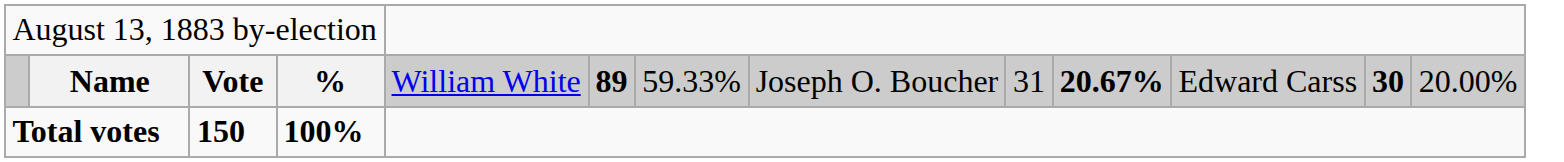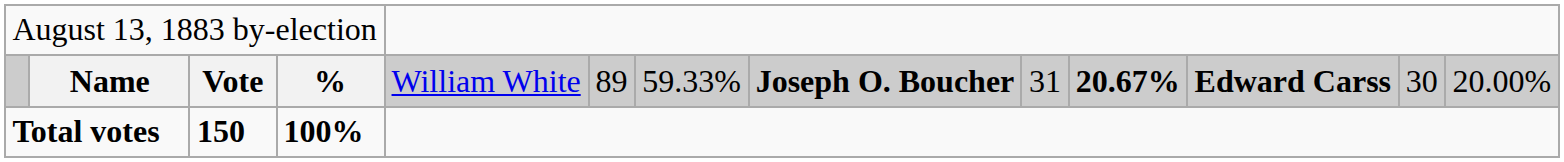 <table class="wikitable">
 <tr>
 <td colspan=4 align=center>August 13, 1883 by-election</td>
 </tr>
 <tr bgcolor="CCCCCC">
 <td></td>
 <th>Name</th>
 <th>Vote</th>
 <th>%<br></th>
 <td><a href='#'>William White</a></td>
-<td><strong>89</strong></td>
+<td>89</td>
 <td>59.33%<br></td>
-<td>Joseph O. Boucher</td>
+<td><strong>Joseph O. Boucher</strong></td>
 <td>31</td>
 <td><strong>20.67%<br></strong></td>
-<td>Edward Carss</td>
-<td><strong>30</strong></td>
+<td><strong>Edward Carss</strong></td>
+<td>30</td>
 <td>20.00%</td>
 </tr>
 <tr>
 <td colspan=2><strong>Total votes</strong></td>
 <td><strong>150</strong></td>
 <td><strong>100%</strong></td>
 </tr>
 </table>
